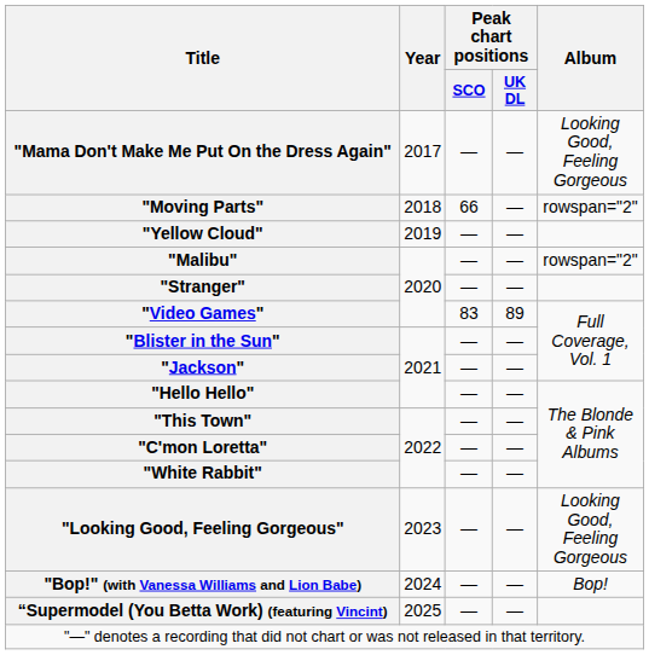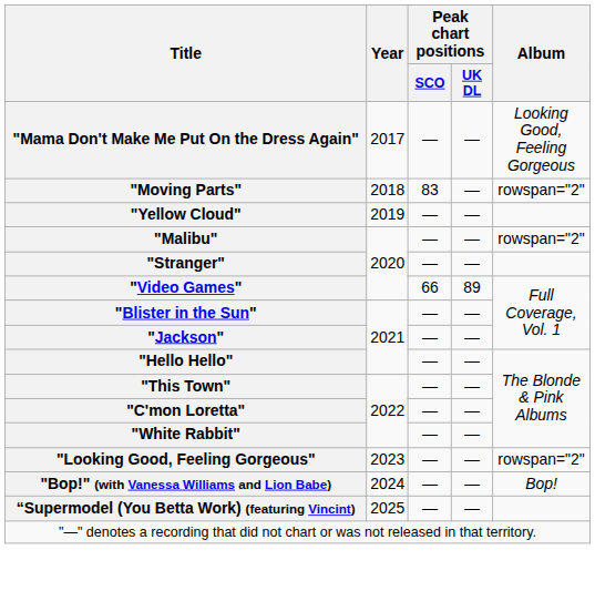 <table class="wikitable plainrowheaders" style="text-align:center;">
 <tr>
 <th rowspan="2" style="width:23em;">Title</th>
 <th rowspan="2">Year</th>
 <th colspan="2" style="width:5em;">Peak chart positions</th>
 <th rowspan="2">Album</th>
 </tr>
 <tr>
 <th scope="col" style="width:2em;font-size:90%;"><a href='#'>SCO</a><br></th>
 <th scope="col" style="width:2em;font-size:90%;"><a href='#'>UK<br>DL</a><br></th>
 </tr>
 <tr>
 <th scope="row">"Mama Don't Make Me Put On the Dress Again"</th>
 <td>2017</td>
 <td>—</td>
 <td>—</td>
 <td><em>Looking Good, Feeling Gorgeous</em></td>
 </tr>
 <tr>
 <th scope="row">"Moving Parts" </th>
 <td>2018</td>
-<td>66</td>
+<td>83</td>
 <td>—</td>
 <td>rowspan="2" </td>
 </tr>
 <tr>
 <th scope="row">"Yellow Cloud"</th>
 <td>2019</td>
 <td>—</td>
 <td>—</td>
 </tr>
 <tr>
 <th scope="row">"Malibu"</th>
 <td rowspan="3">2020</td>
 <td>—</td>
 <td>—</td>
 <td>rowspan="2" </td>
 </tr>
 <tr>
 <th scope="row">"Stranger" </th>
 <td>—</td>
 <td>—</td>
 <td></td>
 </tr>
 <tr>
 <th scope="row">"<a href='#'>Video Games</a>"</th>
-<td>83</td>
+<td>66</td>
 <td>89</td>
 <td rowspan="3"><em>Full Coverage, Vol. 1</em></td>
 </tr>
 <tr>
 <th scope="row">"<a href='#'>Blister in the Sun</a>"</th>
 <td rowspan="3">2021</td>
 <td>—</td>
 <td>—</td>
 </tr>
 <tr>
 <th scope="row">"<a href='#'>Jackson</a>" </th>
 <td>—</td>
 <td>—</td>
 </tr>
 <tr>
 <th scope="row">"Hello Hello"</th>
 <td>—</td>
 <td>—</td>
 <td rowspan="4"><em>The Blonde & Pink Albums</em></td>
 </tr>
 <tr>
 <th scope="row">"This Town" </th>
 <td rowspan="3">2022</td>
 <td>—</td>
 <td>—</td>
 </tr>
 <tr>
 <th scope="row">"C'mon Loretta"</th>
 <td>—</td>
 <td>—</td>
 </tr>
 <tr>
 <th scope="row">"White Rabbit" </th>
 <td>—</td>
 <td>—</td>
 </tr>
 <tr>
 <th scope="row">"Looking Good, Feeling Gorgeous"</th>
 <td>2023</td>
 <td>—</td>
 <td>—</td>
-<td><em>Looking Good, Feeling Gorgeous</em></td>
+<td>rowspan="2" </td>
 </tr>
 <tr>
 <th scope="row">"Bop!" <small>(with <a href='#'>Vanessa Williams</a> and <a href='#'>Lion Babe</a>)</small></th>
 <td>2024</td>
 <td>—</td>
 <td>—</td>
 <td><em>Bop!</em></td>
 </tr>
 <tr>
 <th scope="row">“Supermodel (You Betta Work) <small>(featuring <a href='#'>Vincint</a>) </small></th>
 <td>2025</td>
 <td>—</td>
 <td>—</td>
 <td></td>
 </tr>
 <tr>
 <td colspan="5" style="font-size:90%">"—" denotes a recording that did not chart or was not released in that territory.</td>
 </tr>
 </table>
